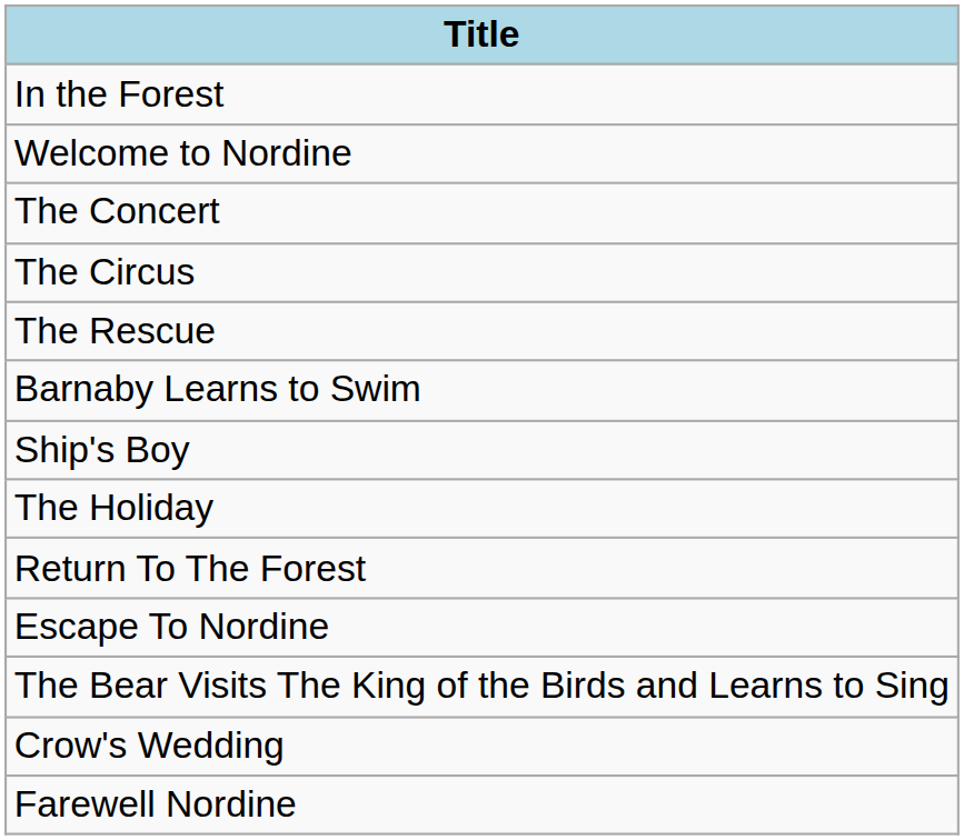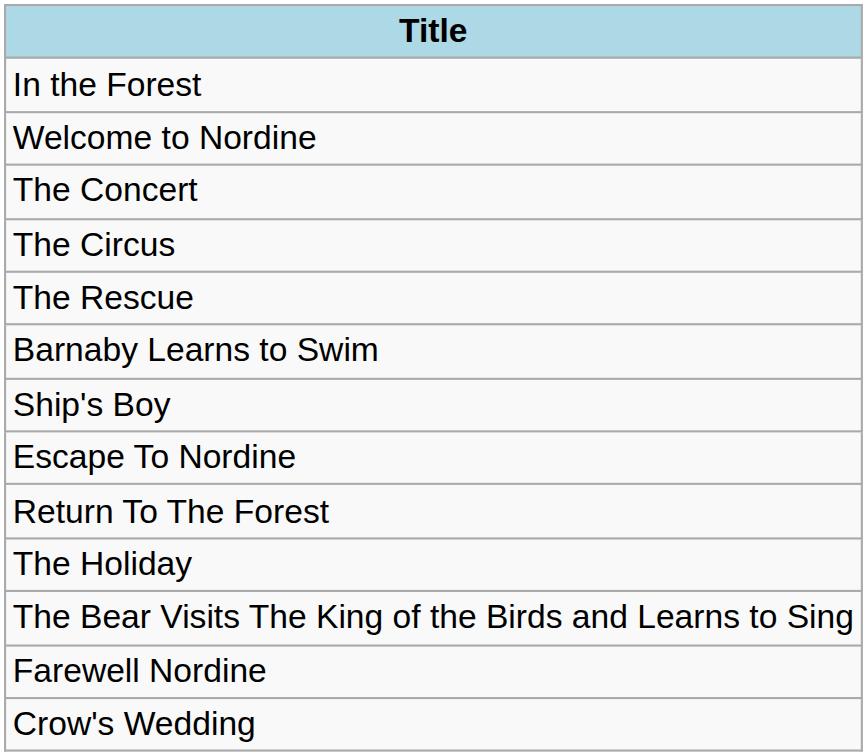 <table class="wikitable collapsible">
 <tr bgcolor="#ADD8E6">
 <th style="background-color:#ADD8E6;">Title</th>
 </tr>
 <tr>
 <td>In the Forest</td>
 </tr>
 <tr>
 <td>Welcome to Nordine</td>
 </tr>
 <tr>
 <td>The Concert</td>
 </tr>
 <tr>
 <td>The Circus</td>
 </tr>
 <tr>
 <td>The Rescue</td>
 </tr>
 <tr>
 <td>Barnaby Learns to Swim</td>
 </tr>
 <tr>
 <td>Ship's Boy</td>
 </tr>
 <tr>
-<td>The Holiday</td>
+<td>Escape To Nordine</td>
 </tr>
 <tr>
 <td>Return To The Forest</td>
 </tr>
 <tr>
-<td>Escape To Nordine</td>
+<td>The Holiday</td>
 </tr>
 <tr>
 <td>The Bear Visits The King of the Birds and Learns to Sing</td>
 </tr>
 <tr>
+<td>Farewell Nordine</td>
+</tr>
+<tr>
 <td>Crow's Wedding</td>
 </tr>
-<tr>
-<td>Farewell Nordine</td>
-</tr>
 </table>
